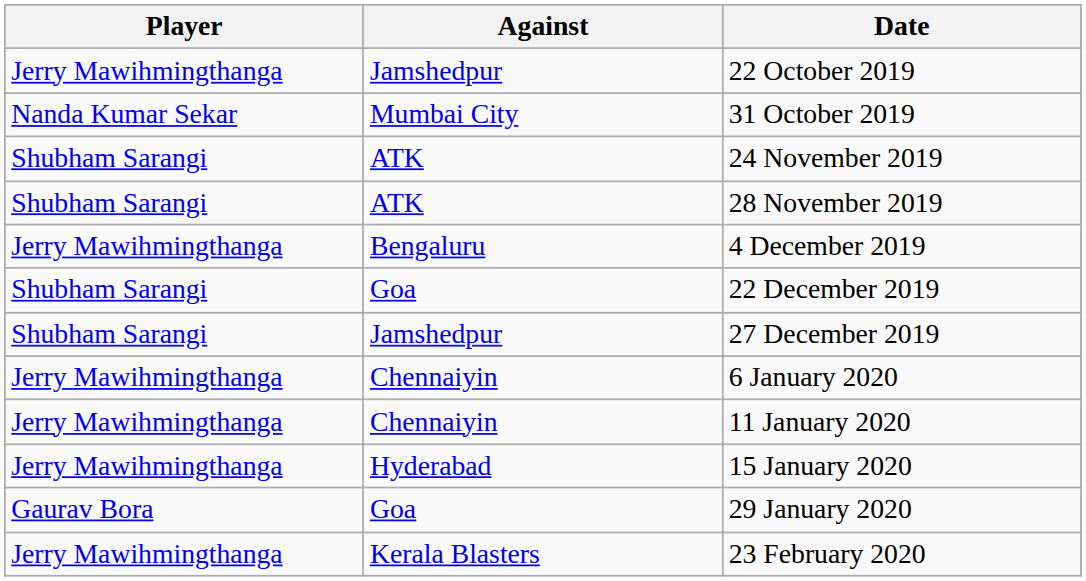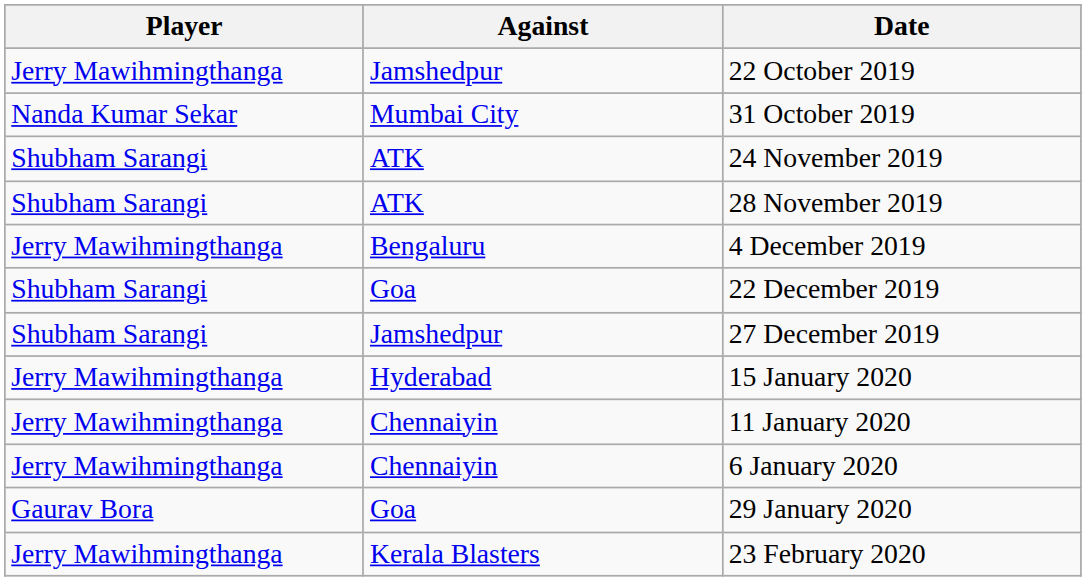 <table class="wikitable" style="text-align:left">
 <tr>
 <th style="width:200px;" style="background:#1f1d4a; color:#FF0000;">Player</th>
 <th style="width:200px;" style="background:#1f1d4a; color:#FF0000;">Against</th>
 <th style="width:200px;" style="background:#1f1d4a; color:#FF0000;">Date</th>
 </tr>
 <tr>
 <td> <a href='#'>Jerry Mawihmingthanga</a></td>
 <td><a href='#'>Jamshedpur</a></td>
 <td>22 October 2019</td>
 </tr>
 <tr>
 <td> <a href='#'>Nanda Kumar Sekar</a></td>
 <td><a href='#'>Mumbai City</a></td>
 <td>31 October 2019</td>
 </tr>
 <tr>
 <td> <a href='#'>Shubham Sarangi</a></td>
 <td><a href='#'>ATK</a></td>
 <td>24 November 2019</td>
 </tr>
 <tr>
 <td> <a href='#'>Shubham Sarangi</a></td>
 <td><a href='#'>ATK</a></td>
 <td>28 November 2019</td>
 </tr>
 <tr>
 <td> <a href='#'>Jerry Mawihmingthanga</a></td>
 <td><a href='#'>Bengaluru</a></td>
 <td>4 December 2019</td>
 </tr>
 <tr>
 <td> <a href='#'>Shubham Sarangi</a></td>
 <td><a href='#'>Goa</a></td>
 <td>22 December 2019</td>
 </tr>
 <tr>
 <td> <a href='#'>Shubham Sarangi</a></td>
 <td><a href='#'>Jamshedpur</a></td>
 <td>27 December 2019</td>
 </tr>
 <tr>
 <td> <a href='#'>Jerry Mawihmingthanga</a></td>
-<td><a href='#'>Chennaiyin</a></td>
-<td>6 January 2020</td>
+<td><a href='#'>Hyderabad</a></td>
+<td>15 January 2020</td>
 </tr>
 <tr>
 <td> <a href='#'>Jerry Mawihmingthanga</a></td>
 <td><a href='#'>Chennaiyin</a></td>
 <td>11 January 2020</td>
 </tr>
 <tr>
 <td> <a href='#'>Jerry Mawihmingthanga</a></td>
-<td><a href='#'>Hyderabad</a></td>
-<td>15 January 2020</td>
+<td><a href='#'>Chennaiyin</a></td>
+<td>6 January 2020</td>
 </tr>
 <tr>
 <td> <a href='#'>Gaurav Bora</a></td>
 <td><a href='#'>Goa</a></td>
 <td>29 January 2020</td>
 </tr>
 <tr>
 <td> <a href='#'>Jerry Mawihmingthanga</a></td>
 <td><a href='#'>Kerala Blasters</a></td>
 <td>23 February 2020</td>
 </tr>
 </table>
